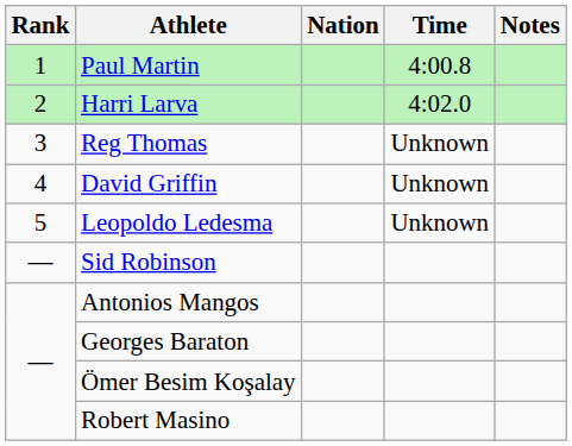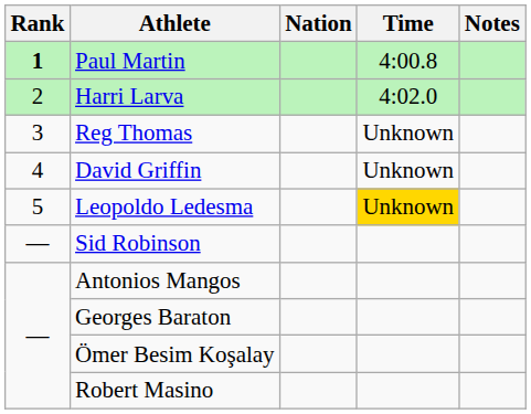 <table class="wikitable sortable" style="text-align:center">
 <tr>
 <th>Rank</th>
 <th>Athlete</th>
 <th>Nation</th>
 <th>Time</th>
 <th>Notes</th>
 </tr>
 <tr bgcolor=bbf3bb>
-<td>1</td>
+<td><strong>1</strong></td>
 <td align=left><a href='#'>Paul Martin</a></td>
 <td align=left></td>
 <td>4:00.8</td>
 <td></td>
 </tr>
 <tr bgcolor=bbf3bb>
 <td>2</td>
 <td align=left><a href='#'>Harri Larva</a></td>
 <td align=left></td>
 <td>4:02.0</td>
 <td></td>
 </tr>
 <tr>
 <td>3</td>
 <td align=left><a href='#'>Reg Thomas</a></td>
 <td align=left></td>
 <td data-sort-value=5:00.0>Unknown</td>
 <td></td>
 </tr>
 <tr>
 <td>4</td>
 <td align=left><a href='#'>David Griffin</a></td>
 <td align=left></td>
 <td data-sort-value=6:00.0>Unknown</td>
 <td></td>
 </tr>
 <tr>
 <td>5</td>
 <td align=left><a href='#'>Leopoldo Ledesma</a></td>
 <td align=left></td>
-<td data-sort-value=7:00.0>Unknown</td>
+<td data-sort-value=7:00.0 style="background: gold;">Unknown</td>
 <td></td>
 </tr>
 <tr>
 <td data-sort-value=6>—</td>
 <td align=left><a href='#'>Sid Robinson</a></td>
 <td align=left></td>
 <td data-sort-value=8:00.0></td>
 <td></td>
 </tr>
 <tr>
 <td rowspan=4 data-sort-value=9>—</td>
 <td align=left>Antonios Mangos</td>
 <td align=left></td>
 <td data-sort-value=9:99.9></td>
 <td></td>
 </tr>
 <tr>
 <td align=left>Georges Baraton</td>
 <td align=left></td>
 <td data-sort-value=9:99.9></td>
 <td></td>
 </tr>
 <tr>
 <td align=left>Ömer Besim Koşalay</td>
 <td align=left></td>
 <td data-sort-value=9:99.9></td>
 <td></td>
 </tr>
 <tr>
 <td align=left>Robert Masino</td>
 <td align=left></td>
 <td data-sort-value=9:99.9></td>
 <td></td>
 </tr>
 </table>
